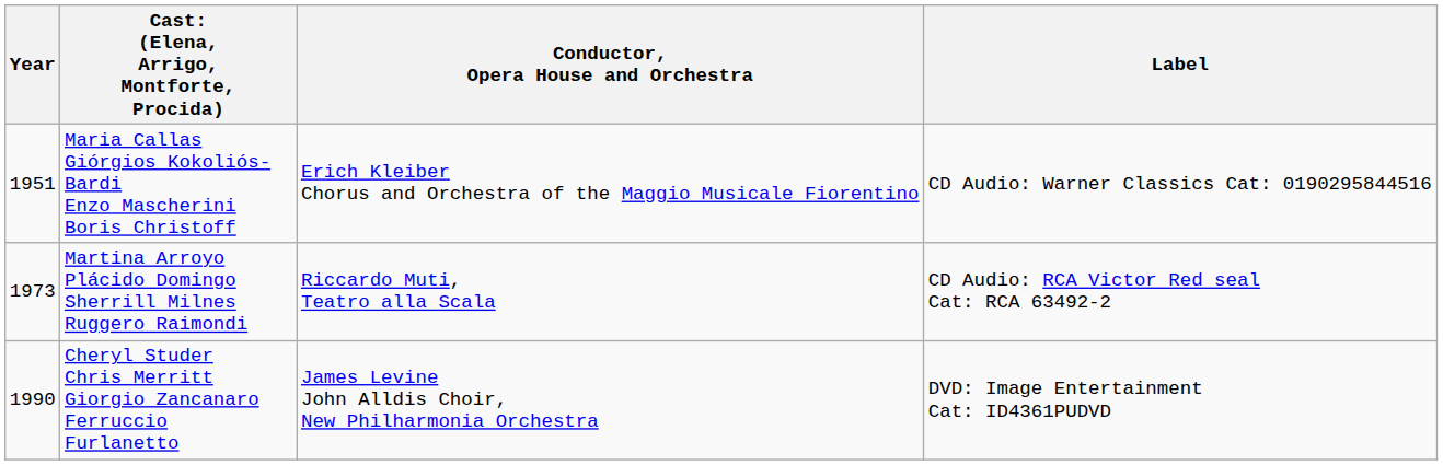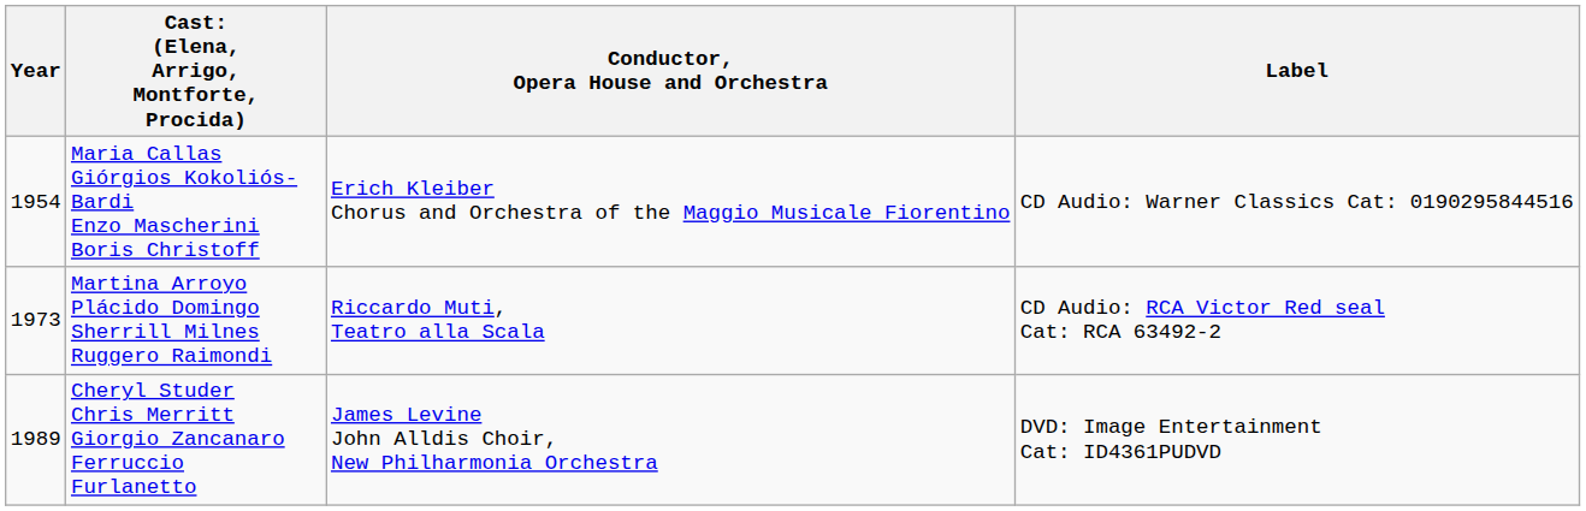 <table class="wikitable">
 <tr>
 <th>Year</th>
 <th width="155">Cast:<br>(Elena,<br>Arrigo,<br>Montforte,<br>Procida)</th>
 <th>Conductor,<br>Opera House and Orchestra</th>
 <th>Label</th>
 </tr>
 <tr>
-<td>1951</td>
+<td>1954</td>
 <td><a href='#'>Maria Callas</a><br><a href='#'>Giórgios Kokoliós-Bardi</a><br><a href='#'>Enzo Mascherini</a><br><a href='#'>Boris Christoff</a></td>
 <td><a href='#'>Erich Kleiber</a><br>Chorus and Orchestra of the <a href='#'>Maggio Musicale Fiorentino</a></td>
 <td>CD Audio: Warner Classics Cat: 0190295844516</td>
 </tr>
 <tr>
 <td>1973</td>
 <td><a href='#'>Martina Arroyo</a><br><a href='#'>Plácido Domingo</a><br><a href='#'>Sherrill Milnes</a><br><a href='#'>Ruggero Raimondi</a></td>
 <td><a href='#'>Riccardo Muti</a>,<br><a href='#'>Teatro alla Scala</a></td>
 <td>CD Audio: <a href='#'>RCA Victor Red seal</a><br>Cat: RCA 63492-2</td>
 </tr>
 <tr>
-<td>1990</td>
+<td>1989</td>
 <td><a href='#'>Cheryl Studer</a><br><a href='#'>Chris Merritt</a><br><a href='#'>Giorgio Zancanaro</a><br><a href='#'>Ferruccio Furlanetto</a></td>
 <td><a href='#'>James Levine</a><br>John Alldis Choir,<br><a href='#'>New Philharmonia Orchestra</a></td>
 <td>DVD: Image Entertainment<br> Cat: ID4361PUDVD</td>
 </tr>
 </table>
